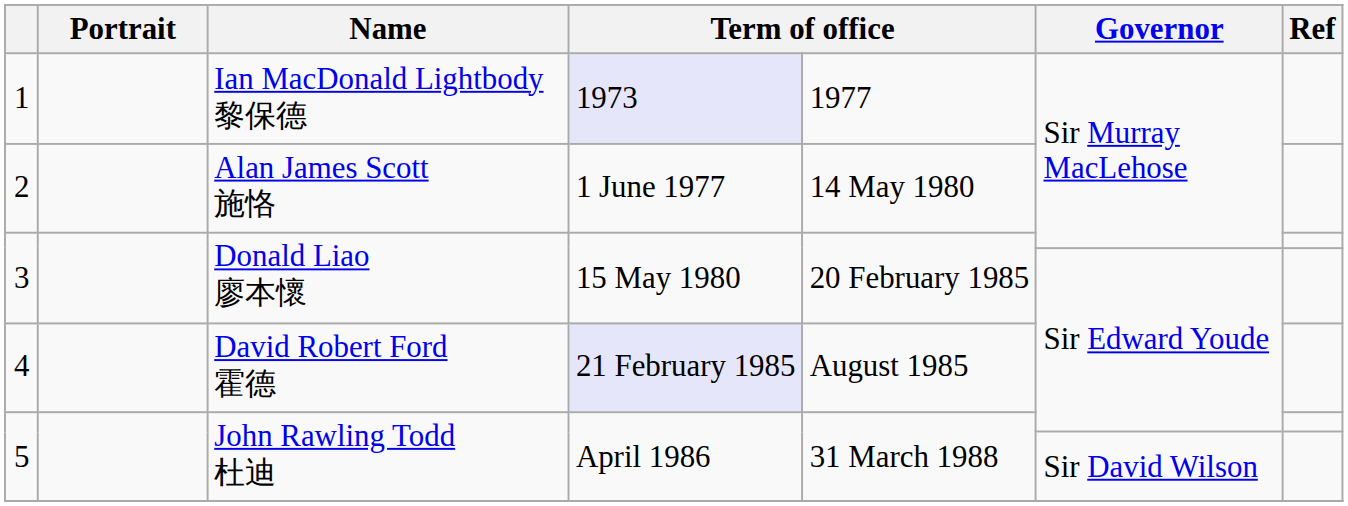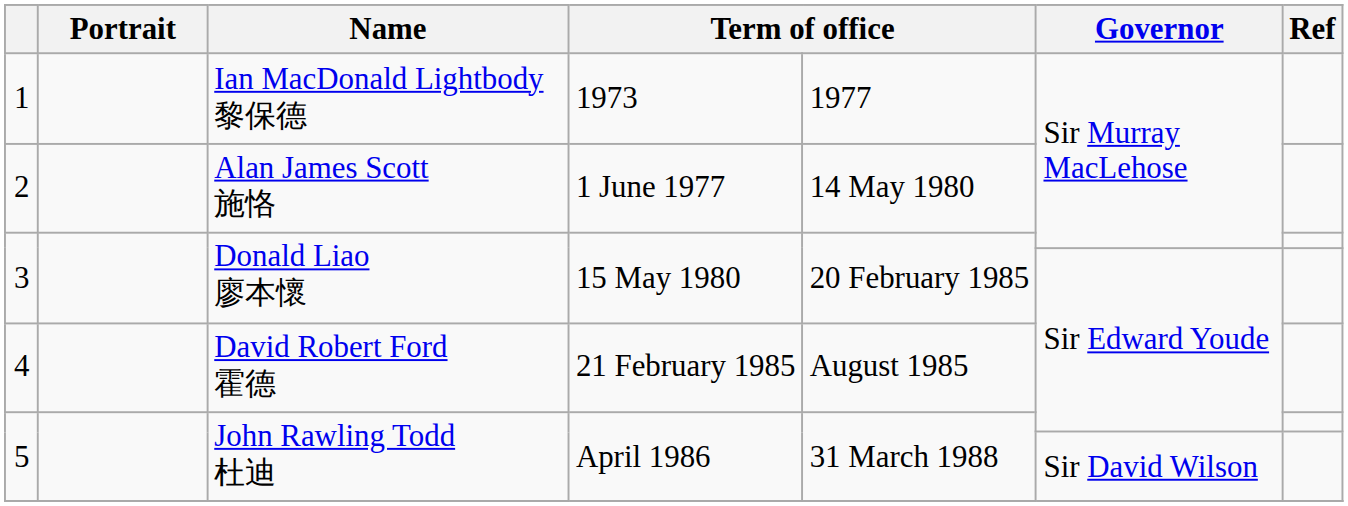 <table class="wikitable"  style="text-align:left">
 <tr>
 <th width=10px></th>
 <th width=80px>Portrait</th>
 <th width=180px>Name</th>
 <th width=180px colspan=2>Term of office</th>
 <th width=120px><a href='#'>Governor</a></th>
 <th>Ref</th>
 </tr>
 <tr>
 <td align=center>1</td>
 <td></td>
 <td><a href='#'>Ian MacDonald Lightbody</a><br>黎保德</td>
-<td style="background: lavender;">1973</td>
+<td>1973</td>
 <td>1977</td>
 <td rowspan=3>Sir <a href='#'>Murray MacLehose</a><br></td>
 <td></td>
 </tr>
 <tr>
 <td align=center>2</td>
 <td></td>
 <td><a href='#'>Alan James Scott</a><br>施恪</td>
 <td>1 June 1977</td>
 <td>14 May 1980</td>
 <td></td>
 </tr>
 <tr>
 <td rowspan=2 align=center>3</td>
 <td rowspan=2></td>
 <td rowspan=2><a href='#'>Donald Liao</a><br>廖本懷</td>
 <td rowspan=2>15 May 1980</td>
 <td rowspan=2>20 February 1985</td>
 <td></td>
 </tr>
 <tr>
 <td rowspan=3>Sir <a href='#'>Edward Youde</a><br></td>
 <td></td>
 </tr>
 <tr>
 <td align=center>4</td>
 <td></td>
 <td><a href='#'>David Robert Ford</a><br>霍德</td>
-<td style="background: lavender;">21 February 1985</td>
+<td>21 February 1985</td>
 <td>August 1985</td>
 <td></td>
 </tr>
 <tr>
 <td rowspan=2 align=center>5</td>
 <td rowspan=2></td>
 <td rowspan=2><a href='#'>John Rawling Todd</a><br>杜迪</td>
 <td rowspan=2>April 1986</td>
 <td rowspan=2>31 March 1988</td>
 <td></td>
 </tr>
 <tr>
 <td>Sir <a href='#'>David Wilson</a><br></td>
 <td></td>
 </tr>
 <tr>
 </tr>
 </table>
